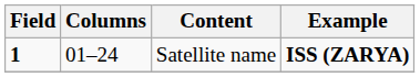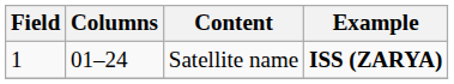 <table class="wikitable">
 <tr>
 <th>Field</th>
 <th>Columns</th>
 <th>Content</th>
 <th>Example</th>
 </tr>
 <tr>
-<td><strong>1</strong></td>
+<td>1</td>
 <td>01–24</td>
 <td>Satellite name</td>
 <td><strong>ISS (ZARYA)</strong></td>
 </tr>
 <tr>
 </tr>
 </table>
